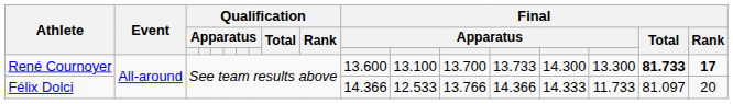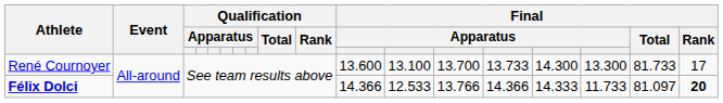 <table class=wikitable style=font-size:90%;text-align:center>
 <tr>
 <th rowspan=3>Athlete</th>
 <th rowspan=3>Event</th>
 <th colspan=8>Qualification</th>
 <th colspan=8>Final</th>
 </tr>
 <tr style=font-size:95%>
 <th colspan=6>Apparatus</th>
 <th rowspan=2>Total</th>
 <th rowspan=2>Rank</th>
 <th colspan=6>Apparatus</th>
 <th rowspan=2>Total</th>
 <th rowspan=2>Rank</th>
 </tr>
 <tr style=font-size:95%>
 <th></th>
 <th></th>
 <th></th>
 <th></th>
 <th></th>
 <th></th>
 <th></th>
 <th></th>
 <th></th>
 <th></th>
 <th></th>
 <th></th>
 </tr>
 <tr>
 <td align=left><a href='#'>René Cournoyer</a></td>
 <td align=left rowspan=2><a href='#'>All-around</a></td>
 <td rowspan=2 colspan=8><em>See team results above</em></td>
 <td>13.600</td>
 <td>13.100</td>
 <td>13.700</td>
 <td>13.733</td>
 <td>14.300</td>
 <td>13.300</td>
-<td><strong>81.733</strong></td>
-<td><strong>17</strong></td>
+<td>81.733</td>
+<td>17</td>
 </tr>
 <tr>
-<td align=left><a href='#'>Félix Dolci</a></td>
+<td align=left><strong><a href='#'>Félix Dolci</a></strong></td>
 <td>14.366</td>
 <td>12.533</td>
 <td>13.766</td>
 <td>14.366</td>
 <td>14.333</td>
 <td>11.733</td>
 <td>81.097</td>
-<td>20</td>
+<td><strong>20</strong></td>
 </tr>
 </table>
